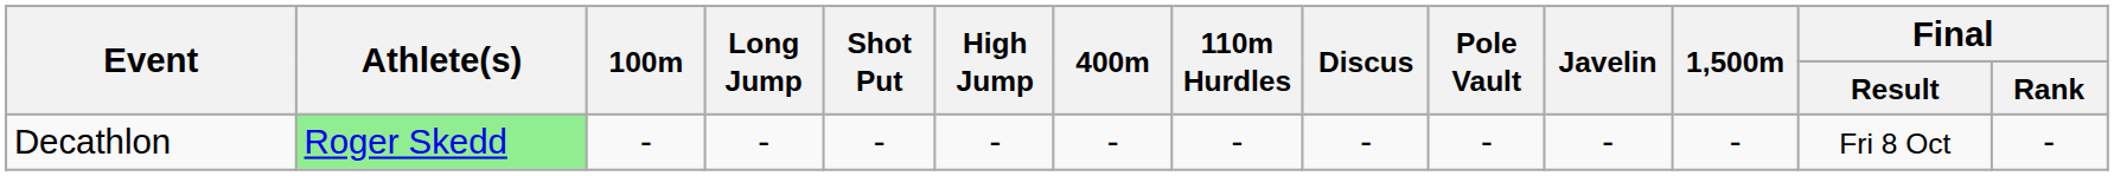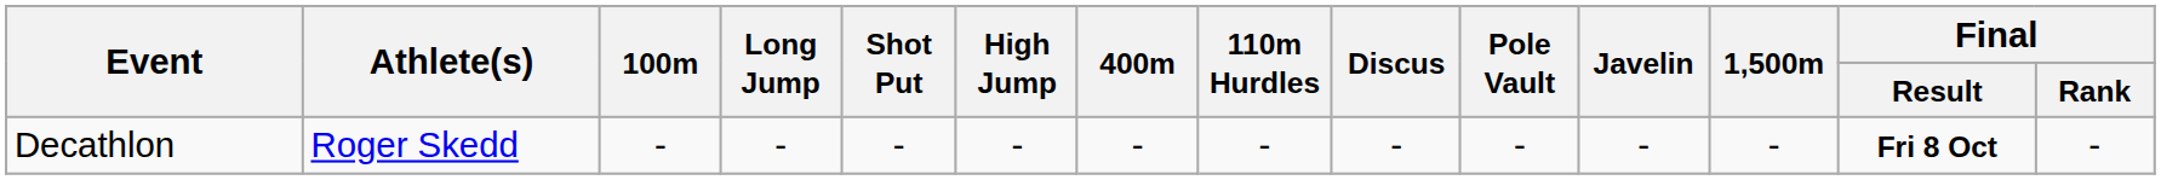 <table class=wikitable style="font-size:90%">
 <tr>
 <th rowspan="2" width=150>Event</th>
 <th rowspan="2" width=150>Athlete(s)</th>
 <th rowspan="2" width=50><small>100m</small></th>
 <th rowspan="2" width=50><small>Long<br>Jump</small></th>
 <th rowspan="2" width=50><small>Shot<br>Put</small></th>
 <th rowspan="2" width=50><small>High<br>Jump</small></th>
 <th rowspan="2" width=50><small>400m</small></th>
 <th rowspan="2" width=50><small>110m<br>Hurdles</small></th>
 <th rowspan="2" width=50><small>Discus</small></th>
 <th rowspan="2" width=50><small>Pole<br>Vault</small></th>
 <th rowspan="2" width=50><small>Javelin</small></th>
 <th rowspan="2" width=50><small>1,500m</small></th>
 <th colspan="2" width=150>Final</th>
 </tr>
 <tr>
 <th style="line-height:1em" width=100><small>Result</small></th>
 <th style="line-height:1em" width=50><small>Rank</small></th>
 </tr>
 <tr>
 <td>Decathlon</td>
-<td style="background: lightgreen;"><a href='#'>Roger Skedd</a></td>
+<td><a href='#'>Roger Skedd</a></td>
 <td align="center">-</td>
 <td align="center">-</td>
 <td align="center">-</td>
 <td align="center">-</td>
 <td align="center">-</td>
 <td align="center">-</td>
 <td align="center">-</td>
 <td align="center">-</td>
 <td align="center">-</td>
 <td align="center">-</td>
-<td align="center"><small>Fri 8 Oct</small></td>
+<td align="center"><strong><small>Fri 8 Oct</small></strong></td>
 <td align="center">-</td>
 </tr>
 </table>
